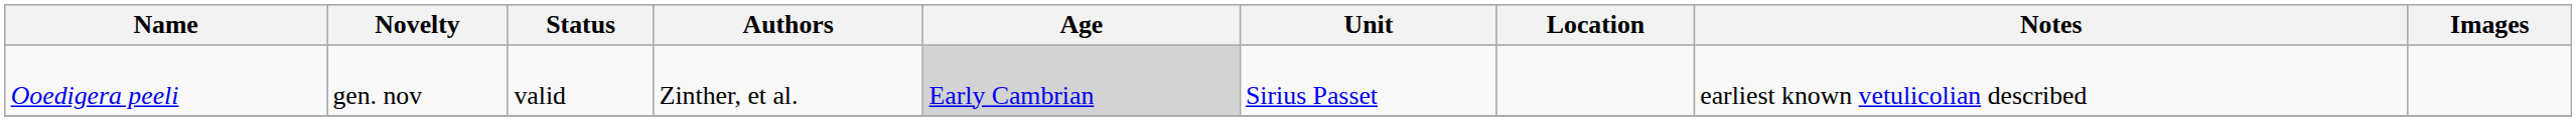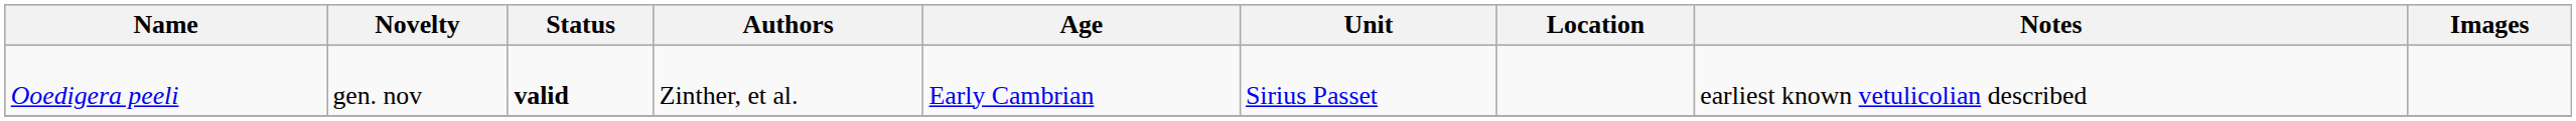 <table class="wikitable sortable" align="center" width="100%">
 <tr>
 <th>Name</th>
 <th>Novelty</th>
 <th>Status</th>
 <th>Authors</th>
 <th>Age</th>
 <th>Unit</th>
 <th>Location</th>
 <th>Notes</th>
 <th>Images</th>
 </tr>
 <tr>
 <td><br><em><a href='#'>Ooedigera peeli</a></em></td>
 <td><br>gen. nov</td>
-<td><br>valid</td>
+<td><strong><br>valid</strong></td>
 <td><br>Zinther, et al.</td>
-<td style="background: lightgrey;"><br><a href='#'>Early Cambrian</a></td>
+<td><br><a href='#'>Early Cambrian</a></td>
 <td><br><a href='#'>Sirius Passet</a></td>
 <td><br></td>
 <td><br>earliest known <a href='#'>vetulicolian</a> described</td>
 <td><br></td>
 </tr>
 <tr>
 </tr>
 </table>
